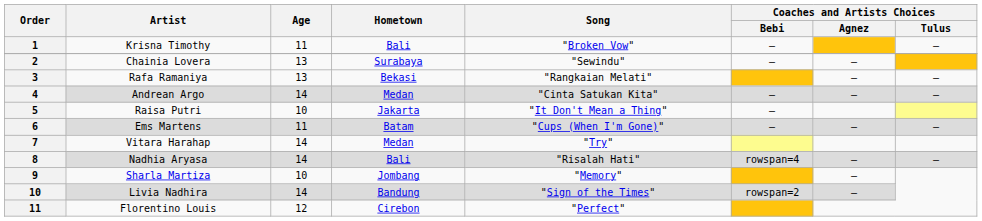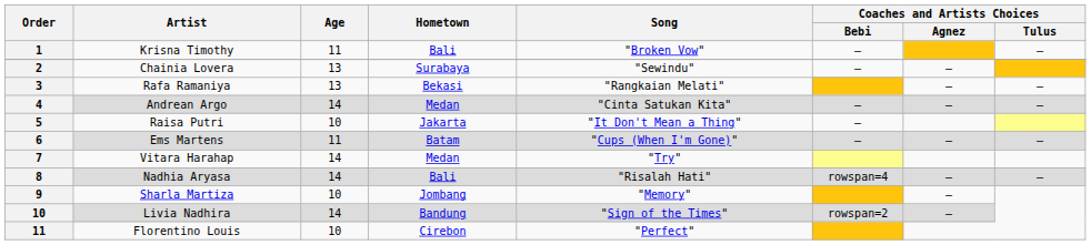 <table class="wikitable" style="text-align:center; width:100%;">
 <tr>
 <th rowspan="2" scope="col" style="width:06%;">Order</th>
 <th rowspan="2" scope="col" style="width:20%;">Artist</th>
 <th rowspan="2" scope="col" style="width:06%;">Age</th>
 <th rowspan="2" scope="col" style="width:13%;">Hometown</th>
 <th rowspan="2" scope="col" style="width:26%;">Song</th>
 <th colspan="3" scope="col" style="width:40%;">Coaches and Artists Choices</th>
 </tr>
 <tr>
 <th style="width:08%;">Bebi</th>
 <th style="width:08%;">Agnez</th>
 <th style="width:08%;">Tulus</th>
 </tr>
 <tr>
 <th>1</th>
 <td>Krisna Timothy</td>
 <td>11</td>
 <td><a href='#'>Bali</a></td>
 <td>"<a href='#'>Broken Vow</a>"</td>
 <td>–</td>
 <td style="background:#ffc40c"><strong></strong></td>
 <td>–</td>
 </tr>
 <tr>
 </tr>
 <tr>
 <th>2</th>
 <td>Chainia Lovera</td>
 <td>13</td>
 <td><a href='#'>Surabaya</a></td>
 <td>"Sewindu"</td>
 <td>–</td>
 <td>–</td>
 <td style="background:#ffc40c"><strong></strong></td>
 </tr>
 <tr>
 <th>3</th>
 <td>Rafa Ramaniya</td>
 <td>13</td>
 <td><a href='#'>Bekasi</a></td>
 <td>"Rangkaian Melati"</td>
 <td style="background:#ffc40c"><strong></strong></td>
 <td>–</td>
 <td>–</td>
 </tr>
 <tr style="background:#DCDCDC;">
 <th>4</th>
 <td>Andrean Argo</td>
 <td>14</td>
 <td><a href='#'>Medan</a></td>
 <td>"Cinta Satukan Kita"</td>
 <td>–</td>
 <td>–</td>
 <td>–</td>
 </tr>
 <tr>
 <th>5</th>
 <td>Raisa Putri</td>
 <td>10</td>
 <td><a href='#'>Jakarta</a></td>
 <td>"<a href='#'>It Don't Mean a Thing</a>"</td>
 <td>–</td>
 <td><strong></strong></td>
 <td style="background:#fdfc8f"><strong></strong></td>
 </tr>
 <tr style="background:#DCDCDC;">
 <th>6</th>
 <td>Ems Martens</td>
 <td>11</td>
 <td><a href='#'>Batam</a></td>
 <td>"<a href='#'>Cups (When I'm Gone)</a>"</td>
 <td>–</td>
 <td>–</td>
 <td>–</td>
 </tr>
 <tr>
 <th>7</th>
 <td>Vitara Harahap</td>
 <td>14</td>
 <td><a href='#'>Medan</a></td>
 <td>"<a href='#'>Try</a>"</td>
 <td style="background:#fdfc8f"><strong></strong></td>
 <td><strong></strong></td>
 <td><strong></strong></td>
 </tr>
 <tr style="background:#DCDCDC;">
 <th>8</th>
 <td>Nadhia Aryasa</td>
 <td>14</td>
 <td><a href='#'>Bali</a></td>
 <td>"Risalah Hati"</td>
 <td>rowspan=4 </td>
 <td>—</td>
 <td>—</td>
 </tr>
 <tr>
 <th>9</th>
 <td><a href='#'>Sharla Martiza</a></td>
 <td>10</td>
 <td><a href='#'>Jombang</a></td>
 <td>"<a href='#'>Memory</a>"</td>
 <td style="background:#ffc40c"><strong></strong></td>
 <td>–</td>
 </tr>
 <tr style="background:#DCDCDC;">
 <th>10</th>
 <td>Livia Nadhira</td>
 <td>14</td>
 <td><a href='#'>Bandung</a></td>
 <td>"<a href='#'>Sign of the Times</a>"</td>
 <td>rowspan=2 </td>
 <td>–</td>
 </tr>
 <tr>
 <th>11</th>
 <td>Florentino Louis</td>
-<td>12</td>
+<td>10</td>
 <td><a href='#'>Cirebon</a></td>
 <td>"<a href='#'>Perfect</a>"</td>
 <td style="background:#ffc40c"><strong></strong></td>
 </tr>
 </table>
